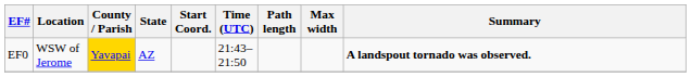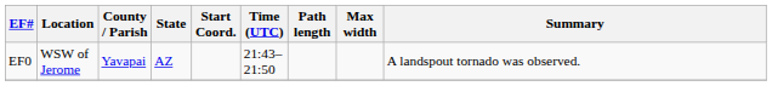 <table class="wikitable sortable" style="width:100%;">
 <tr>
 <th scope="col"  style="width:3%; text-align:center;"><a href='#'>EF#</a></th>
 <th scope="col"  style="width:7%; text-align:center;" class="unsortable">Location</th>
 <th scope="col"  style="width:6%; text-align:center;" class="unsortable">County / Parish</th>
 <th scope="col"  style="width:5%; text-align:center;">State</th>
 <th scope="col"  style="width:6%; text-align:center;">Start Coord.</th>
 <th scope="col"  style="width:6%; text-align:center;">Time (<a href='#'>UTC</a>)</th>
 <th scope="col"  style="width:6%; text-align:center;">Path length</th>
 <th scope="col"  style="width:6%; text-align:center;">Max width</th>
 <th scope="col" class="unsortable" style="width:48%; text-align:center;">Summary</th>
 </tr>
 <tr>
 <td>EF0</td>
 <td>WSW of <a href='#'>Jerome</a></td>
-<td style="background: gold;"><a href='#'>Yavapai</a></td>
+<td><a href='#'>Yavapai</a></td>
 <td><a href='#'>AZ</a></td>
 <td></td>
 <td>21:43–21:50</td>
 <td></td>
 <td></td>
-<td><strong>A landspout tornado was observed.</strong></td>
+<td>A landspout tornado was observed.</td>
 </tr>
 <tr>
 </tr>
 </table>
